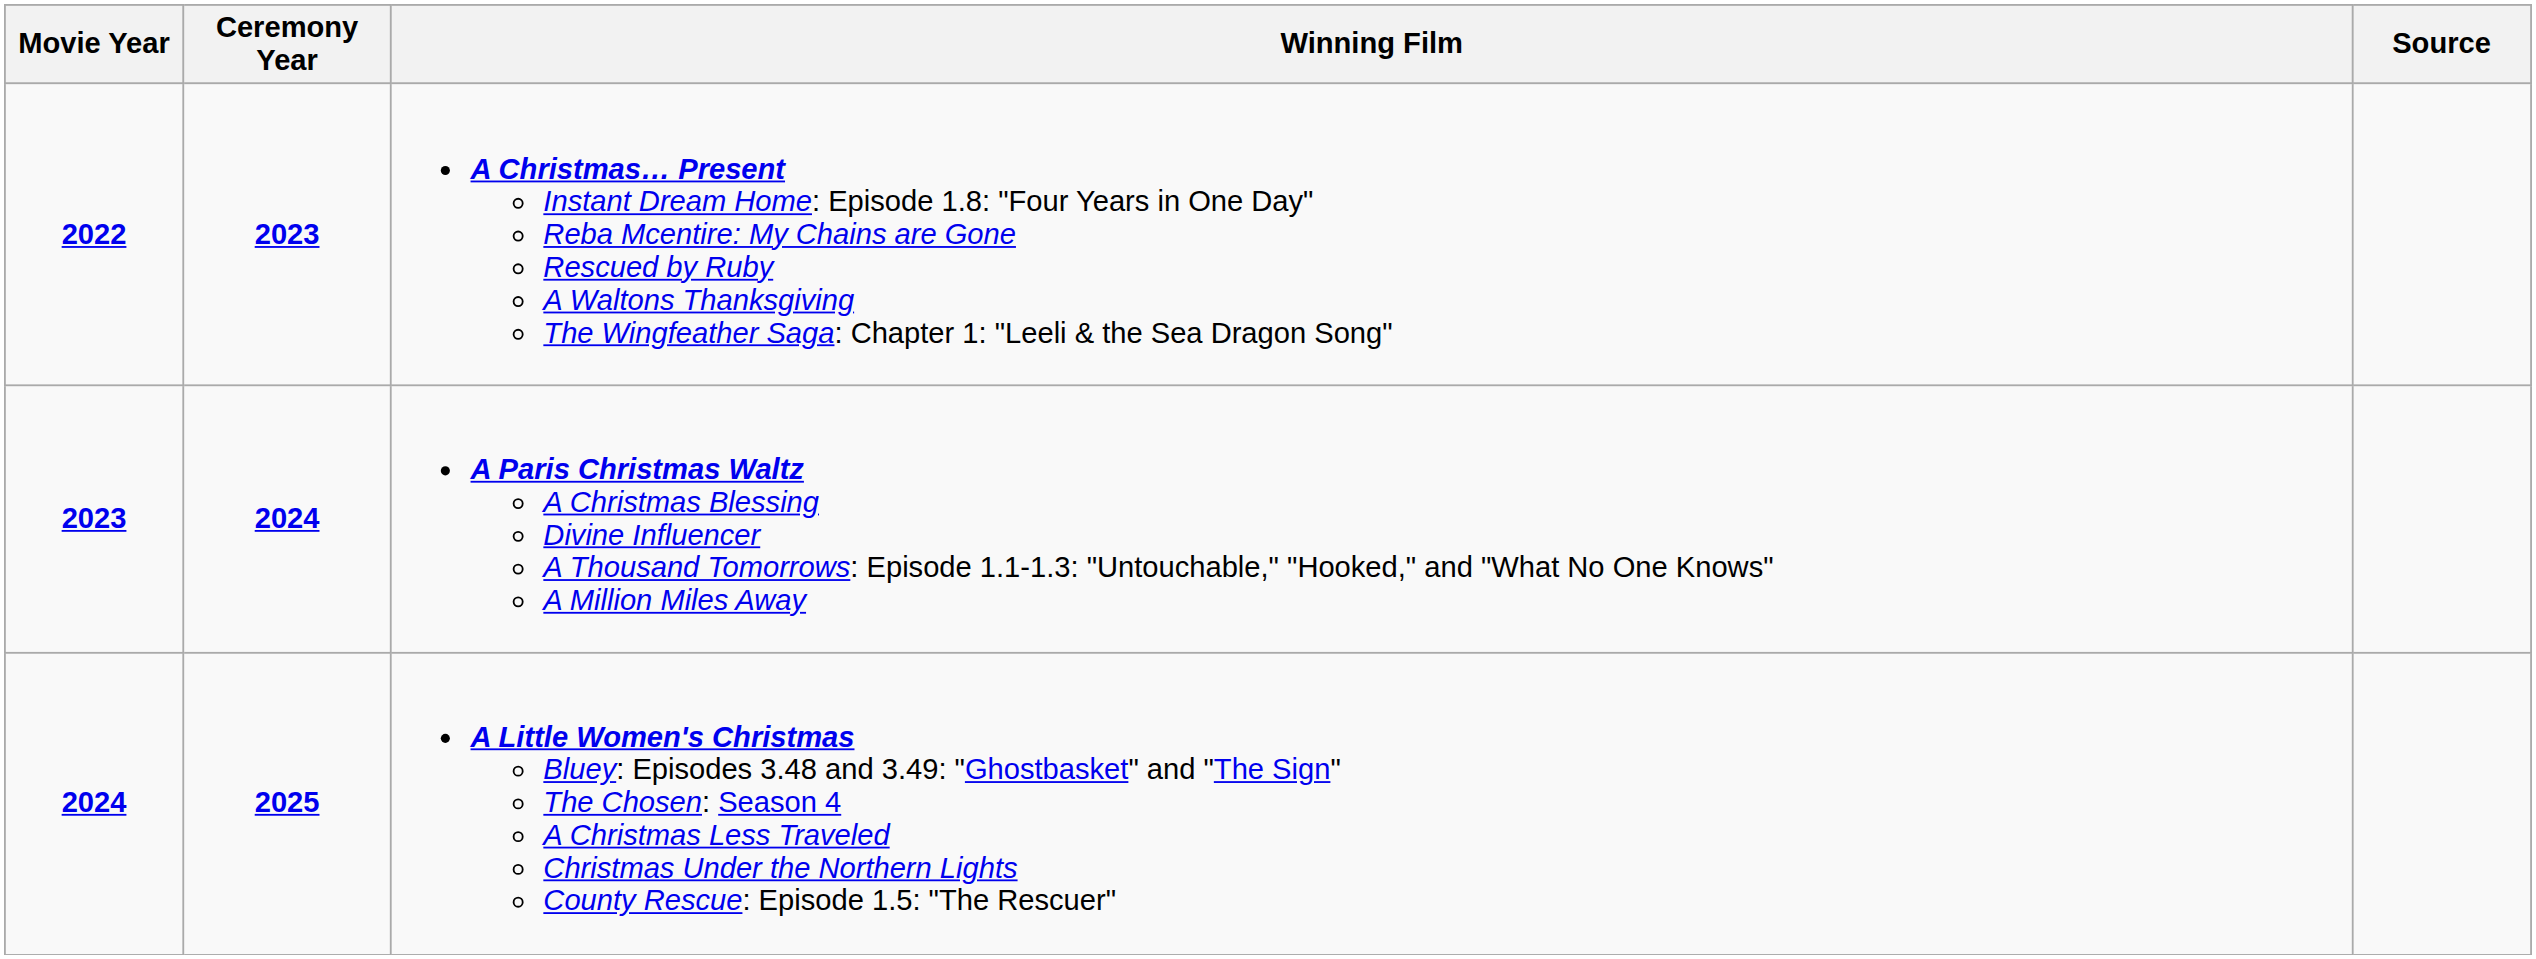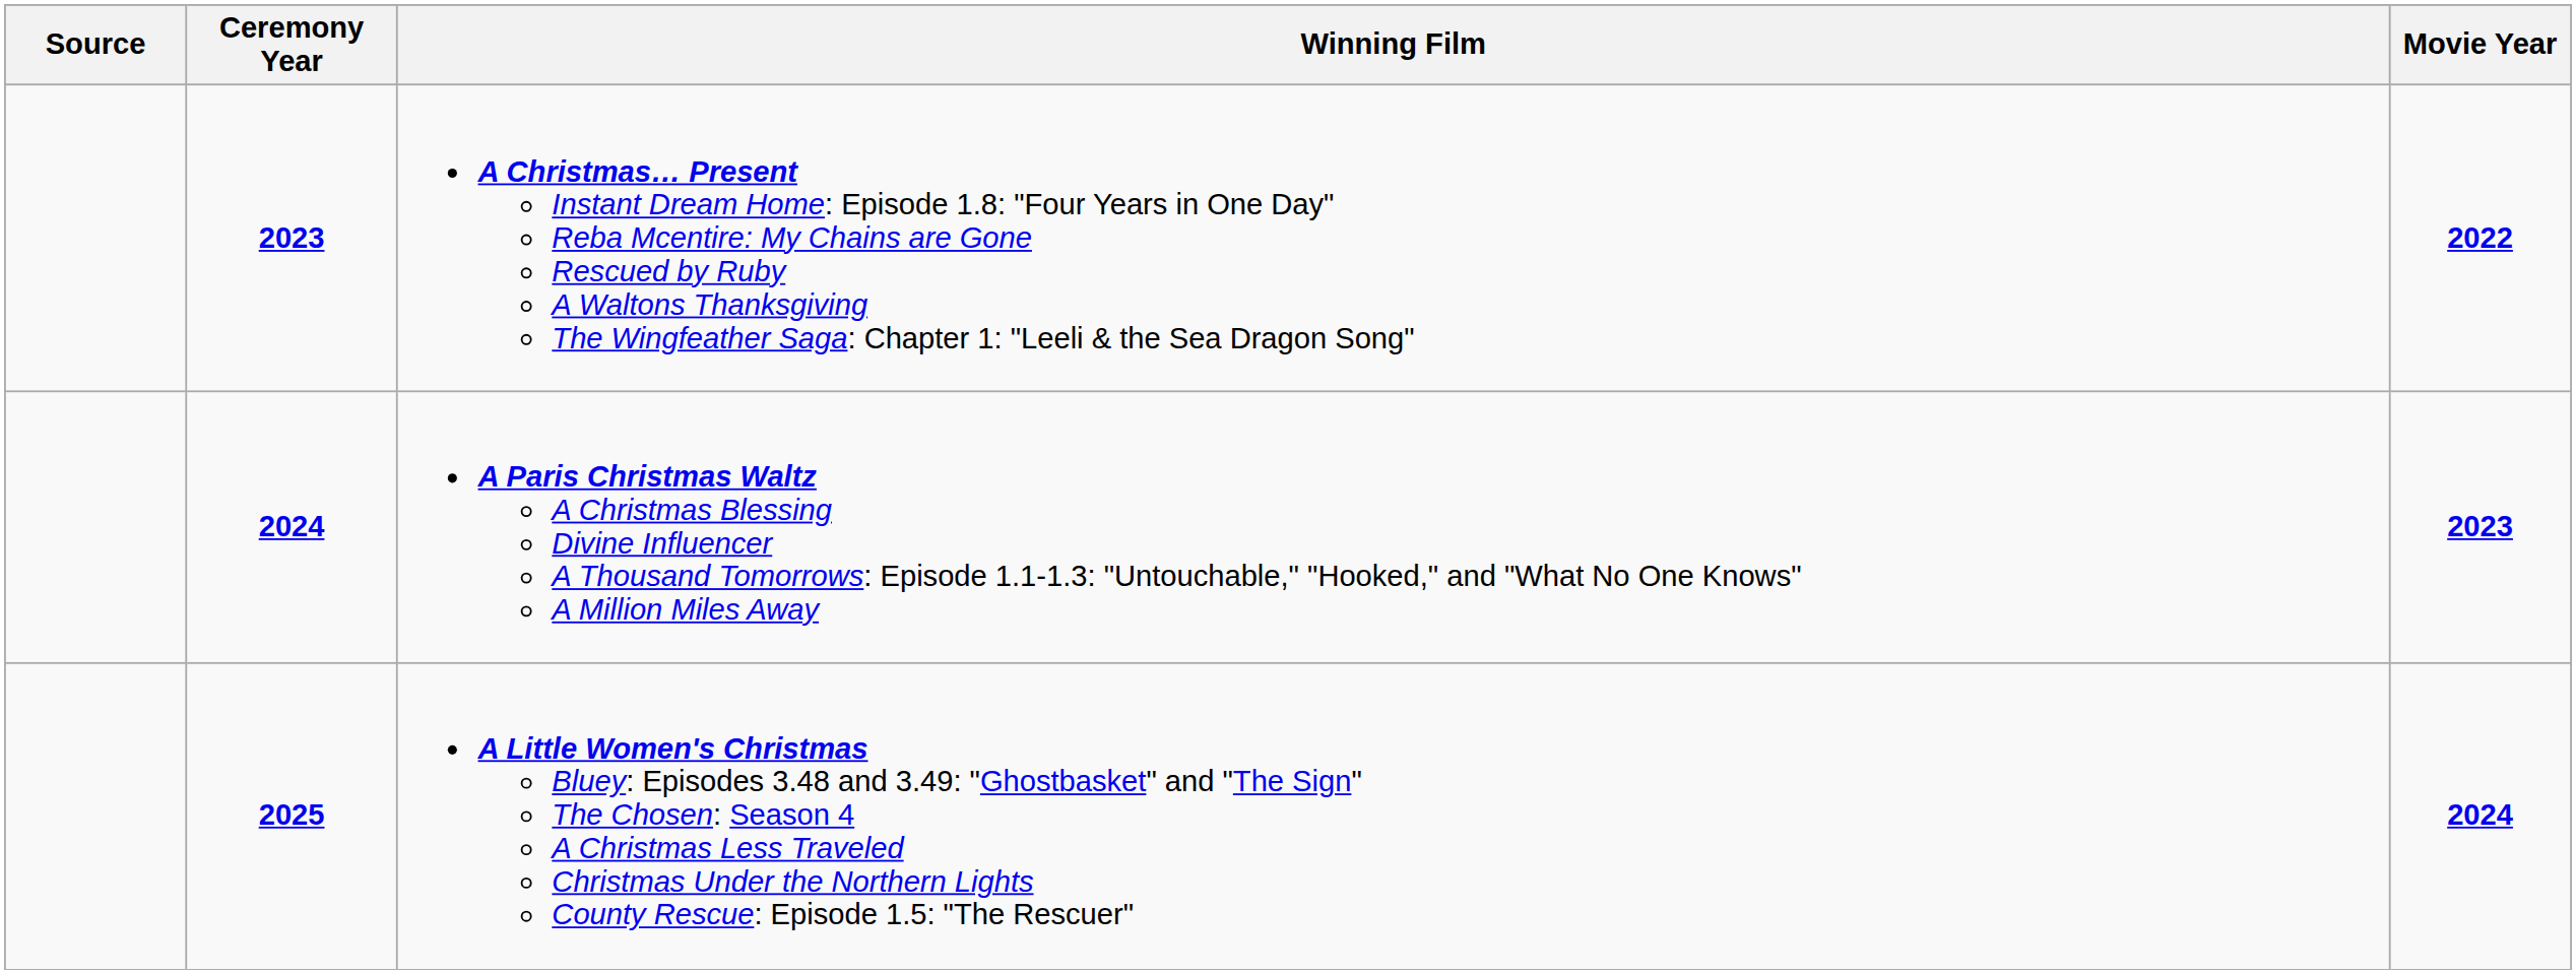 <table class="wikitable" style="width:70%">
 <tr bgcolor="#bebebe">
-<th width="5%">Movie Year</th>
+<th width="5%">Source</th>
 <th width="5%">Ceremony Year</th>
 <th width="55%">Winning Film</th>
-<th width="5%">Source</th>
+<th width="5%">Movie Year</th>
 </tr>
 <tr>
-<td style="text-align:center"><strong><a href='#'>2022</a></strong></td>
+<td style="text-align:center"></td>
 <td style="text-align:center"><strong><a href='#'>2023</a></strong></td>
 <td><br><ul><li><strong><em><a href='#'>A Christmas… Present</a></em></strong><ul><li><em><a href='#'>Instant Dream Home</a></em>: Episode 1.8: "Four Years in One Day"</li><li><em><a href='#'>Reba Mcentire: My Chains are Gone</a></em></li><li><em><a href='#'>Rescued by Ruby</a></em></li><li><em><a href='#'>A Waltons Thanksgiving</a></em></li><li><em><a href='#'>The Wingfeather Saga</a></em>: Chapter 1: "Leeli & the Sea Dragon Song"</li></ul></li></ul></td>
-<td style="text-align:center"></td>
+<td style="text-align:center"><strong><a href='#'>2022</a></strong></td>
 </tr>
 <tr>
-<td style="text-align:center"><strong><a href='#'>2023</a></strong></td>
+<td style="text-align:center"></td>
 <td style="text-align:center"><strong><a href='#'>2024</a></strong></td>
 <td><br><ul><li><strong><em><a href='#'>A Paris Christmas Waltz</a></em></strong><ul><li><em><a href='#'>A Christmas Blessing</a></em></li><li><em><a href='#'>Divine Influencer</a></em></li><li><em><a href='#'>A Thousand Tomorrows</a></em>: Episode 1.1-1.3: "Untouchable," "Hooked," and "What No One Knows"</li><li><em><a href='#'>A Million Miles Away</a></em></li></ul></li></ul></td>
-<td style="text-align:center"></td>
+<td style="text-align:center"><strong><a href='#'>2023</a></strong></td>
 </tr>
 <tr>
-<td style="text-align:center"><strong><a href='#'>2024</a></strong></td>
+<td style="text-align:center"></td>
 <td style="text-align:center"><strong><a href='#'>2025</a></strong></td>
 <td><br><ul><li><strong><em><a href='#'>A Little Women's Christmas</a></em></strong><ul><li><em><a href='#'>Bluey</a></em>: Episodes 3.48 and 3.49: "<a href='#'>Ghostbasket</a>" and "<a href='#'>The Sign</a>"</li><li><em><a href='#'>The Chosen</a></em>: <a href='#'>Season 4</a></li><li><em><a href='#'>A Christmas Less Traveled</a></em></li><li><em><a href='#'>Christmas Under the Northern Lights</a></em></li><li><em><a href='#'>County Rescue</a></em>: Episode 1.5: "The Rescuer"</li></ul></li></ul></td>
-<td style="text-align:center"></td>
+<td style="text-align:center"><strong><a href='#'>2024</a></strong></td>
 </tr>
 </table>
